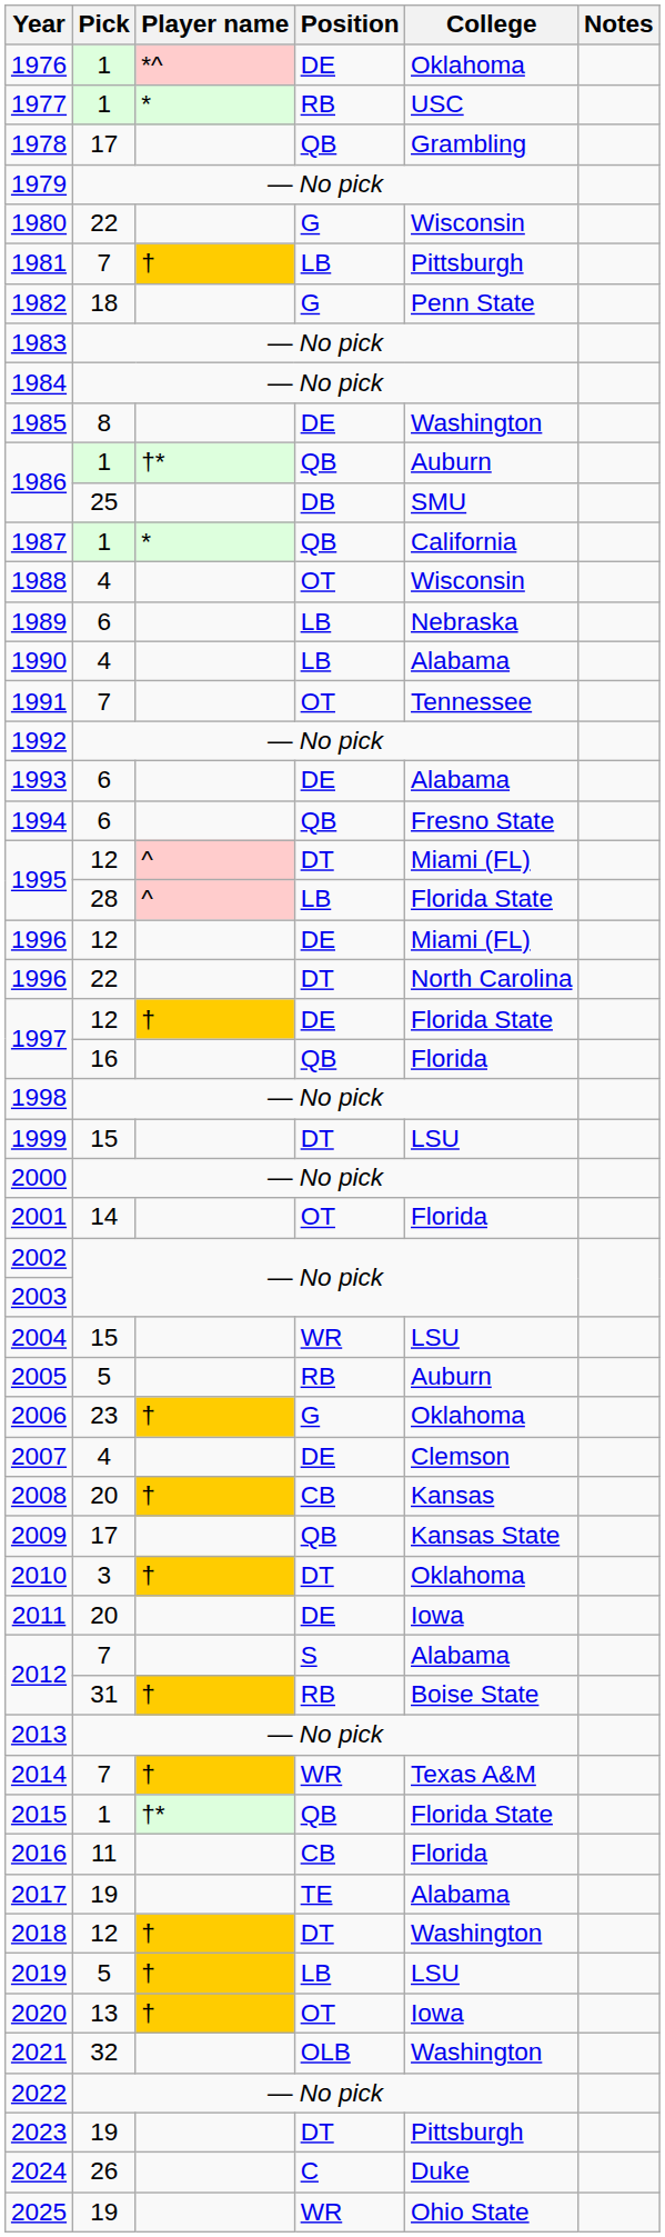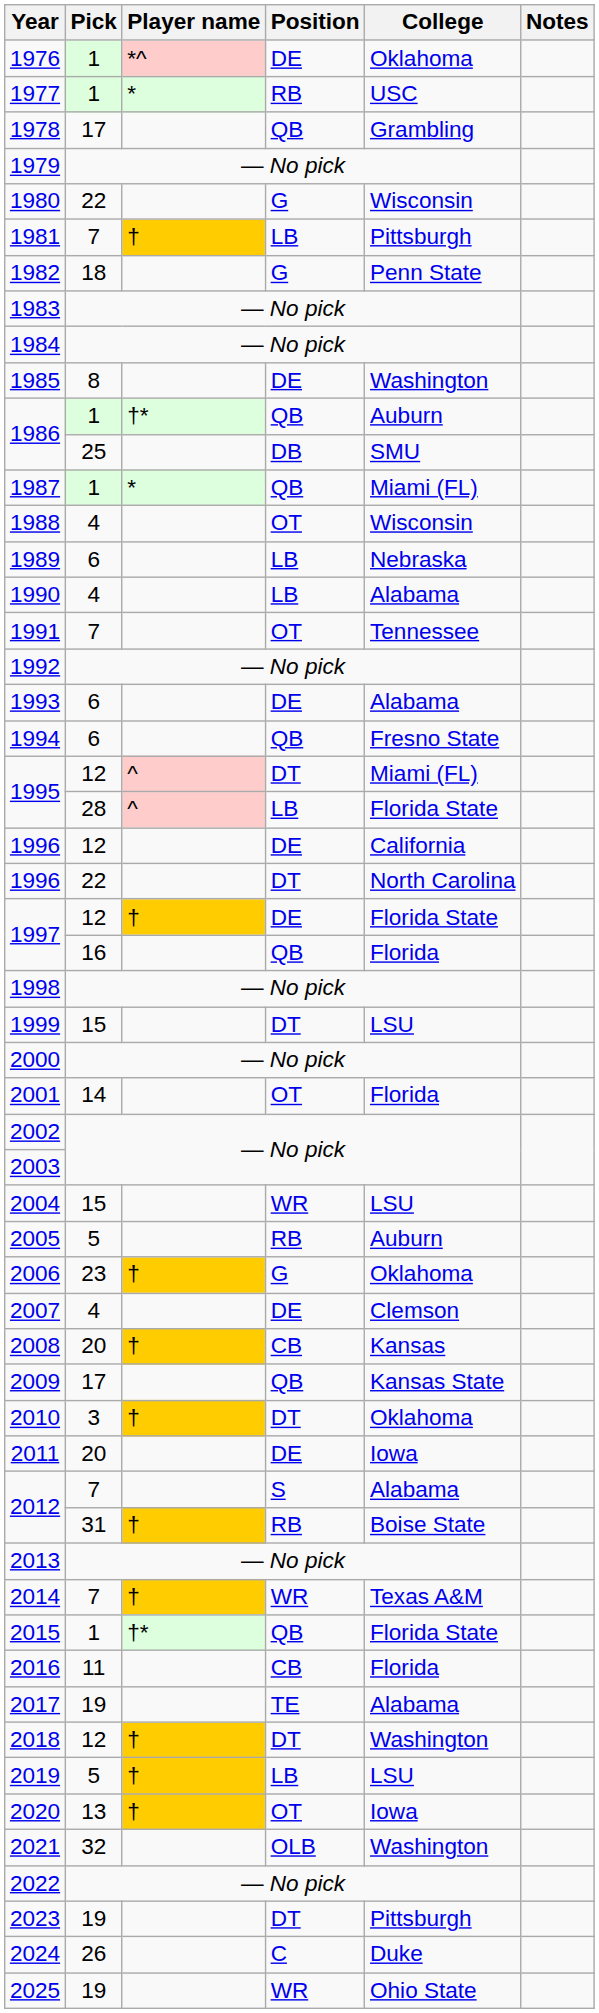 <table class="wikitable sortable">
 <tr>
 <th scope="col">Year</th>
 <th scope="col">Pick</th>
 <th scope="col">Player name</th>
 <th scope="col">Position</th>
 <th scope="col">College</th>
 <th scope="col" class="unsortable">Notes</th>
 </tr>
 <tr>
 <td style="text-align:center;"><a href='#'>1976</a></td>
 <td style="text-align:center; background:#dfd;">1</td>
 <td style="background:#fcc;"> *^</td>
 <td><a href='#'>DE</a></td>
 <td><a href='#'>Oklahoma</a></td>
 <td style="text-align:center;"></td>
 </tr>
 <tr>
 <td style="text-align:center;"><a href='#'>1977</a></td>
 <td style="text-align:center; background:#dfd;">1</td>
 <td style="background:#dfd;"> *</td>
 <td><a href='#'>RB</a></td>
 <td><a href='#'>USC</a></td>
 <td style="text-align:center;"></td>
 </tr>
 <tr>
 <td style="text-align:center;"><a href='#'>1978</a></td>
 <td style="text-align:center;">17</td>
 <td></td>
 <td><a href='#'>QB</a></td>
 <td><a href='#'>Grambling</a></td>
 <td style="text-align:center;"></td>
 </tr>
 <tr>
 <td style="text-align:center;"><a href='#'>1979</a></td>
 <td align="center" colspan=4><span>—</span> <em>No pick</em></td>
 <td style="text-align:center;"></td>
 </tr>
 <tr>
 <td style="text-align:center;"><a href='#'>1980</a></td>
 <td style="text-align:center;">22</td>
 <td></td>
 <td><a href='#'>G</a></td>
 <td><a href='#'>Wisconsin</a></td>
 <td style="text-align:center;"></td>
 </tr>
 <tr>
 <td style="text-align:center;"><a href='#'>1981</a></td>
 <td style="text-align:center;">7</td>
 <td style="background-color:#FFCC00; align=center"> †</td>
 <td><a href='#'>LB</a></td>
 <td><a href='#'>Pittsburgh</a></td>
 <td></td>
 </tr>
 <tr>
 <td style="text-align:center;"><a href='#'>1982</a></td>
 <td style="text-align:center;">18</td>
 <td></td>
 <td><a href='#'>G</a></td>
 <td><a href='#'>Penn State</a></td>
 <td></td>
 </tr>
 <tr>
 <td style="text-align:center;"><a href='#'>1983</a></td>
 <td align="center" colspan=4><span>—</span> <em>No pick</em></td>
 <td style="text-align:center;"></td>
 </tr>
 <tr>
 <td style="text-align:center;"><a href='#'>1984</a></td>
 <td align="center" colspan=4><span>—</span> <em>No pick</em></td>
 <td style="text-align:center;"></td>
 </tr>
 <tr>
 <td style="text-align:center;"><a href='#'>1985</a></td>
 <td style="text-align:center;">8</td>
 <td></td>
 <td><a href='#'>DE</a></td>
 <td><a href='#'>Washington</a></td>
 <td style="text-align:center;"></td>
 </tr>
 <tr>
 <td rowspan="2" style="text-align:center;"><a href='#'>1986</a></td>
 <td style="text-align:center; background:#dfd;">1</td>
 <td style="background:#dfd;"> †*</td>
 <td><a href='#'>QB</a></td>
 <td><a href='#'>Auburn</a></td>
 <td style="text-align:center;"></td>
 </tr>
 <tr>
 <td style="text-align:center;">25</td>
 <td></td>
 <td><a href='#'>DB</a></td>
 <td><a href='#'>SMU</a></td>
 <td></td>
 </tr>
 <tr>
 <td style="text-align:center;"><a href='#'>1987</a></td>
 <td style="text-align:center; background:#dfd;">1</td>
 <td style="background:#dfd;"> *</td>
 <td><a href='#'>QB</a></td>
-<td><a href='#'>California</a></td>
+<td><a href='#'>Miami (FL)</a></td>
 <td style="text-align:center;"></td>
 </tr>
 <tr>
 <td style="text-align:center;"><a href='#'>1988</a></td>
 <td style="text-align:center;">4</td>
 <td></td>
 <td><a href='#'>OT</a></td>
 <td><a href='#'>Wisconsin</a></td>
 <td></td>
 </tr>
 <tr>
 <td style="text-align:center;"><a href='#'>1989</a></td>
 <td style="text-align:center;">6</td>
 <td></td>
 <td><a href='#'>LB</a></td>
 <td><a href='#'>Nebraska</a></td>
 <td style="text-align:center;"></td>
 </tr>
 <tr>
 <td style="text-align:center;"><a href='#'>1990</a></td>
 <td style="text-align:center;">4</td>
 <td></td>
 <td><a href='#'>LB</a></td>
 <td><a href='#'>Alabama</a></td>
 <td style="text-align:center;"></td>
 </tr>
 <tr>
 <td style="text-align:center;"><a href='#'>1991</a></td>
 <td style="text-align:center;">7</td>
 <td></td>
 <td><a href='#'>OT</a></td>
 <td><a href='#'>Tennessee</a></td>
 <td></td>
 </tr>
 <tr>
 <td style="text-align:center;"><a href='#'>1992</a></td>
 <td align="center" colspan=4><span>—</span> <em>No pick</em></td>
 <td style="text-align:center;"></td>
 </tr>
 <tr>
 <td style="text-align:center;"><a href='#'>1993</a></td>
 <td style="text-align:center;">6</td>
 <td></td>
 <td><a href='#'>DE</a></td>
 <td><a href='#'>Alabama</a></td>
 <td style="text-align:center;"></td>
 </tr>
 <tr>
 <td style="text-align:center;"><a href='#'>1994</a></td>
 <td style="text-align:center;">6</td>
 <td></td>
 <td><a href='#'>QB</a></td>
 <td><a href='#'>Fresno State</a></td>
 <td></td>
 </tr>
 <tr>
 <td rowspan="2" style="text-align:center;"><a href='#'>1995</a></td>
 <td style="text-align:center;">12</td>
 <td style="background:#fcc;"> ^</td>
 <td><a href='#'>DT</a></td>
 <td><a href='#'>Miami (FL)</a></td>
 <td></td>
 </tr>
 <tr>
 <td style="text-align:center;">28</td>
 <td style="background:#fcc;"> ^</td>
 <td><a href='#'>LB</a></td>
 <td><a href='#'>Florida State</a></td>
 <td style="text-align:center;"></td>
 </tr>
 <tr>
 <td style="text-align:center;"><a href='#'>1996</a></td>
 <td style="text-align:center;">12</td>
 <td></td>
 <td><a href='#'>DE</a></td>
-<td><a href='#'>Miami (FL)</a></td>
+<td><a href='#'>California</a></td>
 <td style="text-align:center;"></td>
 </tr>
 <tr>
 <td style="text-align:center;"><a href='#'>1996</a></td>
 <td style="text-align:center;">22</td>
 <td></td>
 <td><a href='#'>DT</a></td>
 <td><a href='#'>North Carolina</a></td>
 <td style="text-align:center;"></td>
 </tr>
 <tr>
 <td rowspan="2" style="text-align:center;"><a href='#'>1997</a></td>
 <td style="text-align:center;">12</td>
 <td style="background-color:#FFCC00; align=center"> †</td>
 <td><a href='#'>DE</a></td>
 <td><a href='#'>Florida State</a></td>
 <td style="text-align:center;"></td>
 </tr>
 <tr>
 <td style="text-align:center;">16</td>
 <td></td>
 <td><a href='#'>QB</a></td>
 <td><a href='#'>Florida</a></td>
 <td style="text-align:center;"></td>
 </tr>
 <tr>
 <td style="text-align:center;"><a href='#'>1998</a></td>
 <td align="center" colspan=4><span>—</span> <em>No pick</em></td>
 <td style="text-align:center;"></td>
 </tr>
 <tr>
 <td style="text-align:center;"><a href='#'>1999</a></td>
 <td style="text-align:center;">15</td>
 <td></td>
 <td><a href='#'>DT</a></td>
 <td><a href='#'>LSU</a></td>
 <td></td>
 </tr>
 <tr>
 <td style="text-align:center;"><a href='#'>2000</a></td>
 <td align="center" colspan=4><span>—</span> <em>No pick</em></td>
 <td style="text-align:center;"></td>
 </tr>
 <tr>
 <td style="text-align:center;"><a href='#'>2001</a></td>
 <td style="text-align:center;">14</td>
 <td></td>
 <td><a href='#'>OT</a></td>
 <td><a href='#'>Florida</a></td>
 <td style="text-align:center;"></td>
 </tr>
 <tr>
 <td style="text-align:center;"><a href='#'>2002</a></td>
 <td align="center" colspan=4 rowspan=2><span>—</span> <em>No pick</em></td>
 <td style="text-align:center;" rowspan=2></td>
 </tr>
 <tr>
 <td style="text-align:center;"><a href='#'>2003</a></td>
 </tr>
 <tr>
 <td style="text-align:center;"><a href='#'>2004</a></td>
 <td style="text-align:center;">15</td>
 <td></td>
 <td><a href='#'>WR</a></td>
 <td><a href='#'>LSU</a></td>
 <td></td>
 </tr>
 <tr>
 <td style="text-align:center;"><a href='#'>2005</a></td>
 <td style="text-align:center;">5</td>
 <td></td>
 <td><a href='#'>RB</a></td>
 <td><a href='#'>Auburn</a></td>
 <td></td>
 </tr>
 <tr>
 <td style="text-align:center;"><a href='#'>2006</a></td>
 <td style="text-align:center;">23</td>
 <td style="background-color:#FFCC00; align=center"> †</td>
 <td><a href='#'>G</a></td>
 <td><a href='#'>Oklahoma</a></td>
 <td></td>
 </tr>
 <tr>
 <td style="text-align:center;"><a href='#'>2007</a></td>
 <td style="text-align:center;">4</td>
 <td></td>
 <td><a href='#'>DE</a></td>
 <td><a href='#'>Clemson</a></td>
 <td></td>
 </tr>
 <tr>
 <td style="text-align:center;"><a href='#'>2008</a></td>
 <td style="text-align:center;">20</td>
 <td style="background-color:#FFCC00; align=center"> †</td>
 <td><a href='#'>CB</a></td>
 <td><a href='#'>Kansas</a></td>
 <td></td>
 </tr>
 <tr>
 <td style="text-align:center;"><a href='#'>2009</a></td>
 <td style="text-align:center;">17</td>
 <td></td>
 <td><a href='#'>QB</a></td>
 <td><a href='#'>Kansas State</a></td>
 <td></td>
 </tr>
 <tr>
 <td style="text-align:center;"><a href='#'>2010</a></td>
 <td style="text-align:center;">3</td>
 <td style="background-color:#FFCC00; align=center"> †</td>
 <td><a href='#'>DT</a></td>
 <td><a href='#'>Oklahoma</a></td>
 <td></td>
 </tr>
 <tr>
 <td style="text-align:center;"><a href='#'>2011</a></td>
 <td style="text-align:center;">20</td>
 <td></td>
 <td><a href='#'>DE</a></td>
 <td><a href='#'>Iowa</a></td>
 <td></td>
 </tr>
 <tr>
 <td rowspan="2" style="text-align:center;"><a href='#'>2012</a></td>
 <td style="text-align:center;">7</td>
 <td></td>
 <td><a href='#'>S</a></td>
 <td><a href='#'>Alabama</a></td>
 <td></td>
 </tr>
 <tr>
 <td style="text-align:center;">31</td>
 <td style="background-color:#FFCC00; align=center"> †</td>
 <td><a href='#'>RB</a></td>
 <td><a href='#'>Boise State</a></td>
 <td></td>
 </tr>
 <tr>
 <td style="text-align:center;"><a href='#'>2013</a></td>
 <td style="text-align:center;" colspan=4><span>—</span> <em>No pick</em></td>
 <td style="text-align:center;"></td>
 </tr>
 <tr>
 <td style="text-align:center;"><a href='#'>2014</a></td>
 <td style="text-align:center;">7</td>
 <td style="background-color:#FFCC00; align=center"> †</td>
 <td><a href='#'>WR</a></td>
 <td><a href='#'>Texas A&M</a></td>
 <td></td>
 </tr>
 <tr>
 <td style="text-align:center;"><a href='#'>2015</a></td>
 <td style="text-align:center;">1</td>
 <td style="background:#dfd;"> †*</td>
 <td><a href='#'>QB</a></td>
 <td><a href='#'>Florida State</a></td>
 <td></td>
 </tr>
 <tr>
 <td style="text-align:center;"><a href='#'>2016</a></td>
 <td style="text-align:center;">11</td>
 <td></td>
 <td><a href='#'>CB</a></td>
 <td><a href='#'>Florida</a></td>
 <td></td>
 </tr>
 <tr>
 <td style="text-align:center;"><a href='#'>2017</a></td>
 <td style="text-align:center;">19</td>
 <td></td>
 <td><a href='#'>TE</a></td>
 <td><a href='#'>Alabama</a></td>
 <td></td>
 </tr>
 <tr>
 <td style="text-align:center;"><a href='#'>2018</a></td>
 <td style="text-align:center;">12</td>
 <td style="background-color:#FFCC00; align=center"> †</td>
 <td><a href='#'>DT</a></td>
 <td><a href='#'>Washington</a></td>
 <td></td>
 </tr>
 <tr>
 <td style="text-align:center;"><a href='#'>2019</a></td>
 <td style="text-align:center;">5</td>
 <td style="background-color:#FFCC00; align=center"> †</td>
 <td><a href='#'>LB</a></td>
 <td><a href='#'>LSU</a></td>
 <td></td>
 </tr>
 <tr>
 <td style="text-align:center;"><a href='#'>2020</a></td>
 <td style="text-align:center;">13</td>
 <td style="background-color:#FFCC00; align=center"> †</td>
 <td><a href='#'>OT</a></td>
 <td><a href='#'>Iowa</a></td>
 <td></td>
 </tr>
 <tr>
 <td style="text-align:center;"><a href='#'>2021</a></td>
 <td style="text-align:center;">32</td>
 <td></td>
 <td><a href='#'>OLB</a></td>
 <td><a href='#'>Washington</a></td>
 <td></td>
 </tr>
 <tr>
 <td style="text-align:center;"><a href='#'>2022</a></td>
 <td style="text-align:center;" colspan=4><span>—</span> <em>No pick</em></td>
 <td style="text-align:center;"></td>
 </tr>
 <tr>
 <td style="text-align:center;"><a href='#'>2023</a></td>
 <td style="text-align:center;">19</td>
 <td></td>
 <td><a href='#'>DT</a></td>
 <td><a href='#'>Pittsburgh</a></td>
 <td></td>
 </tr>
 <tr>
 <td style="text-align:center;"><a href='#'>2024</a></td>
 <td style="text-align:center;">26</td>
 <td></td>
 <td><a href='#'>C</a></td>
 <td><a href='#'>Duke</a></td>
 <td></td>
 </tr>
 <tr>
 <td style="text-align:center;"><a href='#'>2025</a></td>
 <td style="text-align:center;">19</td>
 <td></td>
 <td><a href='#'>WR</a></td>
 <td><a href='#'>Ohio State</a></td>
 </tr>
 </table>
